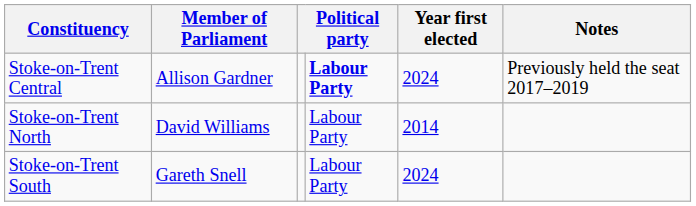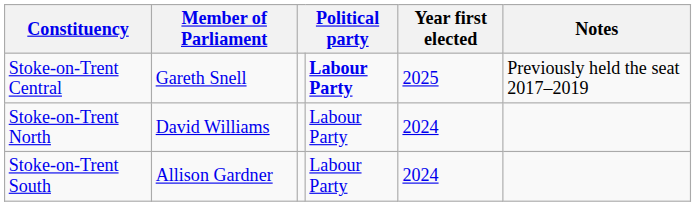 <table class="wikitable sortable">
 <tr>
 <th><a href='#'>Constituency</a></th>
 <th><a href='#'>Member of Parliament</a></th>
 <th colspan="2" style="vertical-align:top;"><a href='#'>Political party</a></th>
 <th>Year first elected</th>
 <th>Notes</th>
 </tr>
 <tr>
 <td><a href='#'>Stoke-on-Trent Central</a></td>
-<td><a href='#'>Allison Gardner</a></td>
+<td><a href='#'>Gareth Snell</a></td>
 <td style="color:inherit;background:"></td>
 <td><strong><a href='#'>Labour Party</a></strong></td>
-<td><a href='#'>2024</a></td>
+<td><a href='#'>2025</a></td>
 <td>Previously held the seat 2017–2019</td>
 </tr>
 <tr>
 <td><a href='#'>Stoke-on-Trent North</a></td>
 <td><a href='#'>David Williams</a></td>
 <td style="color:inherit;background:"></td>
 <td><a href='#'>Labour Party</a></td>
-<td><a href='#'>2014</a></td>
+<td><a href='#'>2024</a></td>
 <td></td>
 </tr>
 <tr>
 <td><a href='#'>Stoke-on-Trent South</a></td>
-<td><a href='#'>Gareth Snell</a></td>
+<td><a href='#'>Allison Gardner</a></td>
 <td style="color:inherit;background:"></td>
 <td><a href='#'>Labour Party</a></td>
 <td><a href='#'>2024</a></td>
 <td></td>
 </tr>
 </table>
